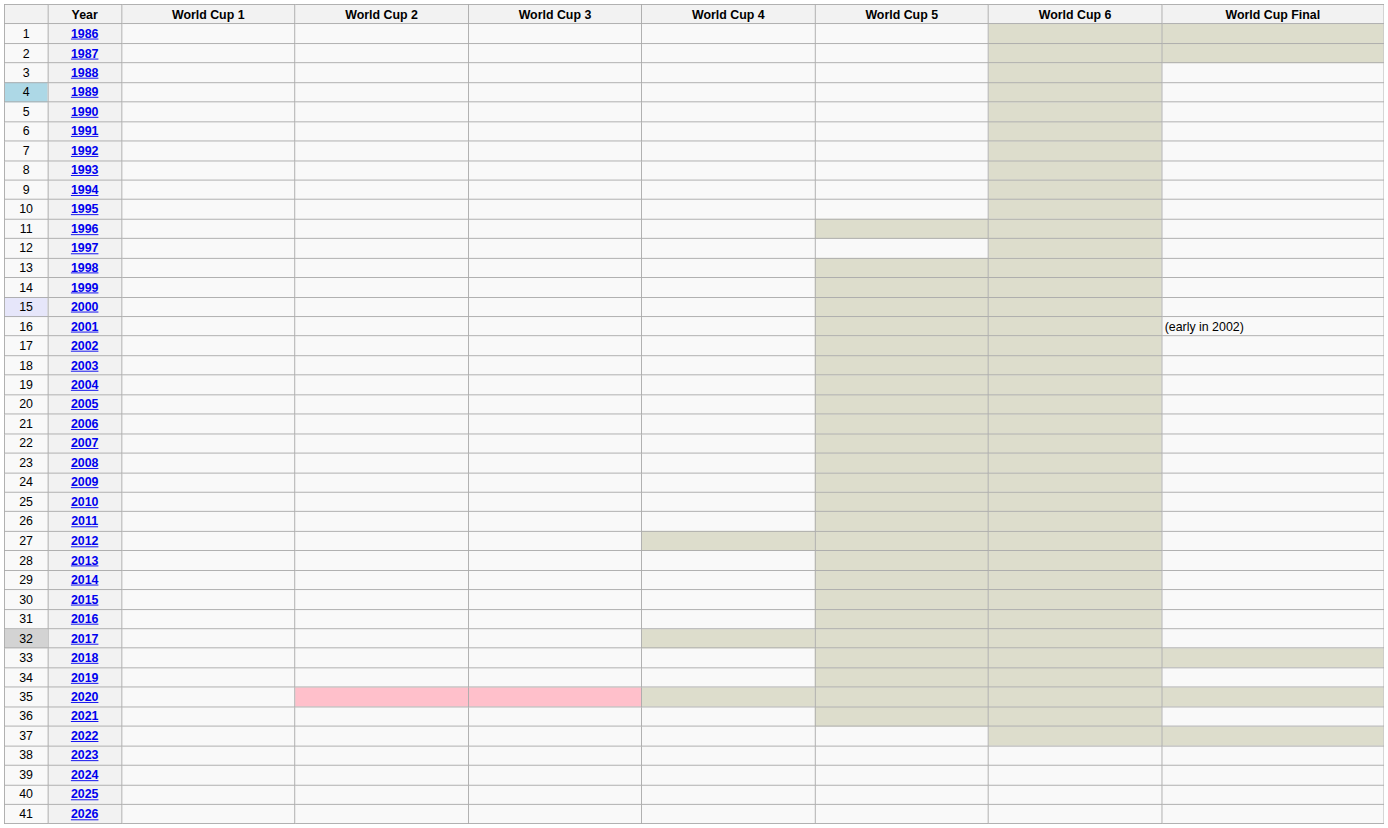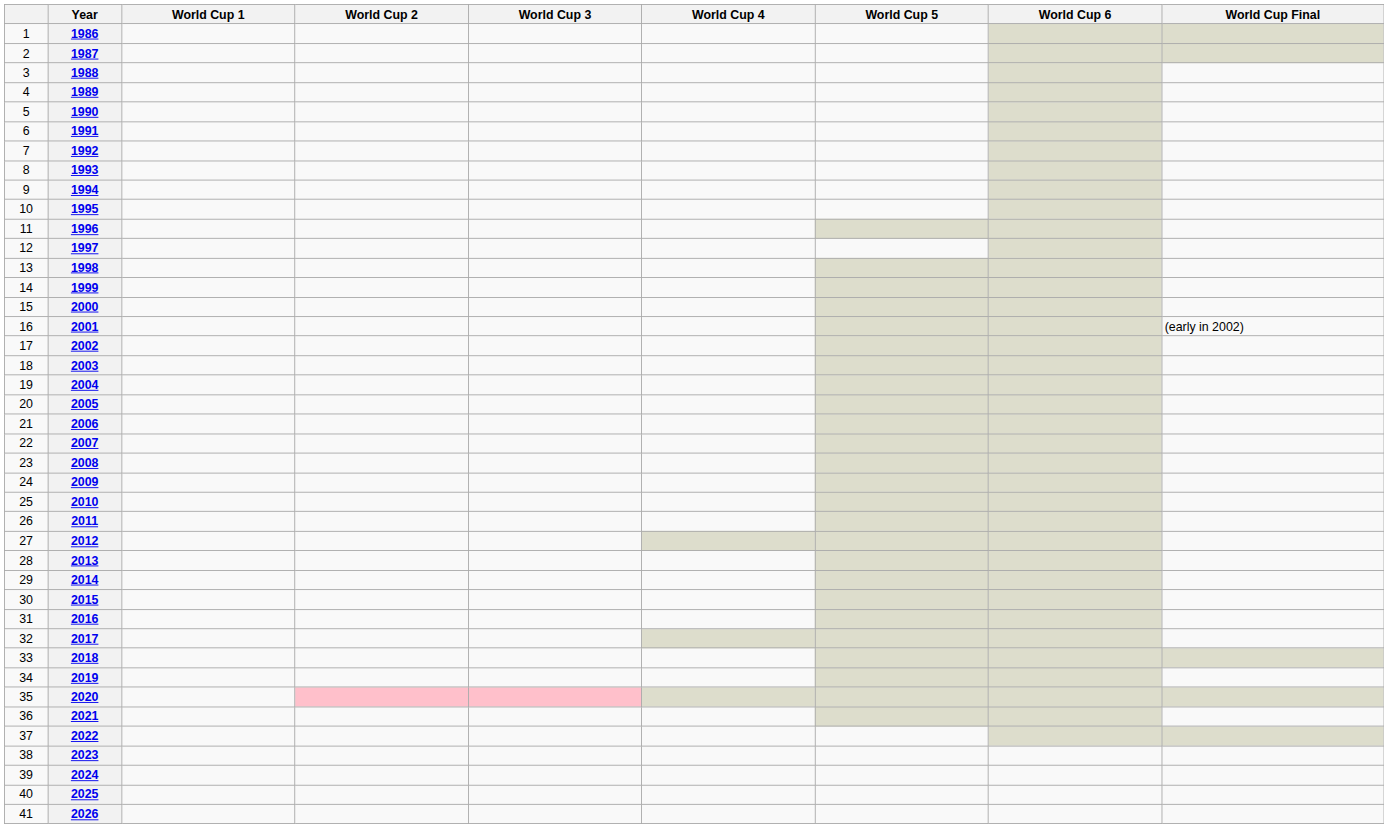 <table class="wikitable sortable" style="font-size: 85%" width="120%">
 <tr>
 <th></th>
 <th>Year</th>
 <th>World Cup 1</th>
 <th>World Cup 2</th>
 <th>World Cup 3</th>
 <th>World Cup 4</th>
 <th>World Cup 5</th>
 <th>World Cup 6</th>
 <th>World Cup Final</th>
 </tr>
 <tr>
 <td align="center">1</td>
 <th><a href='#'>1986</a></th>
 <td></td>
 <td></td>
 <td></td>
 <td></td>
 <td></td>
 <td style="background: #ddddcc"></td>
 <td style="background: #ddddcc"></td>
 </tr>
 <tr>
 <td align="center">2</td>
 <th><a href='#'>1987</a></th>
 <td></td>
 <td></td>
 <td></td>
 <td></td>
 <td></td>
 <td style="background: #ddddcc"></td>
 <td style="background: #ddddcc"></td>
 </tr>
 <tr>
 <td align="center">3</td>
 <th><a href='#'>1988</a></th>
 <td></td>
 <td></td>
 <td></td>
 <td></td>
 <td></td>
 <td style="background: #ddddcc"></td>
 <td></td>
 </tr>
 <tr>
-<td align="center" style="background: lightblue;">4</td>
+<td align="center">4</td>
 <th><a href='#'>1989</a></th>
 <td></td>
 <td></td>
 <td></td>
 <td></td>
 <td></td>
 <td style="background: #ddddcc"></td>
 <td></td>
 </tr>
 <tr>
 <td align="center">5</td>
 <th><a href='#'>1990</a></th>
 <td></td>
 <td></td>
 <td></td>
 <td></td>
 <td></td>
 <td style="background: #ddddcc"></td>
 <td></td>
 </tr>
 <tr>
 <td align="center">6</td>
 <th><a href='#'>1991</a></th>
 <td></td>
 <td></td>
 <td></td>
 <td></td>
 <td></td>
 <td style="background: #ddddcc"></td>
 <td></td>
 </tr>
 <tr>
 <td align="center">7</td>
 <th><a href='#'>1992</a></th>
 <td></td>
 <td></td>
 <td></td>
 <td></td>
 <td></td>
 <td style="background: #ddddcc"></td>
 <td></td>
 </tr>
 <tr>
 <td align="center">8</td>
 <th><a href='#'>1993</a></th>
 <td></td>
 <td></td>
 <td></td>
 <td></td>
 <td></td>
 <td style="background: #ddddcc"></td>
 <td></td>
 </tr>
 <tr>
 <td align="center">9</td>
 <th><a href='#'>1994</a></th>
 <td></td>
 <td></td>
 <td></td>
 <td></td>
 <td></td>
 <td style="background: #ddddcc"></td>
 <td></td>
 </tr>
 <tr>
 <td align="center">10</td>
 <th><a href='#'>1995</a></th>
 <td></td>
 <td></td>
 <td></td>
 <td></td>
 <td></td>
 <td style="background: #ddddcc"></td>
 <td></td>
 </tr>
 <tr>
 <td align="center">11</td>
 <th><a href='#'>1996</a></th>
 <td></td>
 <td></td>
 <td></td>
 <td></td>
 <td style="background: #ddddcc"></td>
 <td style="background: #ddddcc"></td>
 <td></td>
 </tr>
 <tr>
 <td align="center">12</td>
 <th><a href='#'>1997</a></th>
 <td></td>
 <td></td>
 <td></td>
 <td></td>
 <td></td>
 <td style="background: #ddddcc"></td>
 <td></td>
 </tr>
 <tr>
 <td align="center">13</td>
 <th><a href='#'>1998</a></th>
 <td></td>
 <td></td>
 <td></td>
 <td></td>
 <td style="background: #ddddcc"></td>
 <td style="background: #ddddcc"></td>
 <td></td>
 </tr>
 <tr>
 <td align="center">14</td>
 <th><a href='#'>1999</a></th>
 <td></td>
 <td></td>
 <td></td>
 <td></td>
 <td style="background: #ddddcc"></td>
 <td style="background: #ddddcc"></td>
 <td></td>
 </tr>
 <tr>
-<td align="center" style="background: lavender;">15</td>
+<td align="center">15</td>
 <th><a href='#'>2000</a></th>
 <td></td>
 <td></td>
 <td></td>
 <td></td>
 <td style="background: #ddddcc"></td>
 <td style="background: #ddddcc"></td>
 <td></td>
 </tr>
 <tr>
 <td align="center">16</td>
 <th><a href='#'>2001</a></th>
 <td></td>
 <td></td>
 <td></td>
 <td></td>
 <td style="background: #ddddcc"></td>
 <td style="background: #ddddcc"></td>
 <td> (early in 2002)</td>
 </tr>
 <tr>
 <td align="center">17</td>
 <th><a href='#'>2002</a></th>
 <td></td>
 <td></td>
 <td></td>
 <td></td>
 <td style="background: #ddddcc"></td>
 <td style="background: #ddddcc"></td>
 <td></td>
 </tr>
 <tr>
 <td align="center">18</td>
 <th><a href='#'>2003</a></th>
 <td></td>
 <td></td>
 <td></td>
 <td></td>
 <td style="background: #ddddcc"></td>
 <td style="background: #ddddcc"></td>
 <td></td>
 </tr>
 <tr>
 <td align="center">19</td>
 <th><a href='#'>2004</a></th>
 <td></td>
 <td></td>
 <td></td>
 <td></td>
 <td style="background: #ddddcc"></td>
 <td style="background: #ddddcc"></td>
 <td></td>
 </tr>
 <tr>
 <td align="center">20</td>
 <th><a href='#'>2005</a></th>
 <td></td>
 <td></td>
 <td></td>
 <td></td>
 <td style="background: #ddddcc"></td>
 <td style="background: #ddddcc"></td>
 <td></td>
 </tr>
 <tr>
 <td align="center">21</td>
 <th><a href='#'>2006</a></th>
 <td></td>
 <td></td>
 <td></td>
 <td></td>
 <td style="background: #ddddcc"></td>
 <td style="background: #ddddcc"></td>
 <td></td>
 </tr>
 <tr>
 <td align="center">22</td>
 <th><a href='#'>2007</a></th>
 <td></td>
 <td></td>
 <td></td>
 <td></td>
 <td style="background: #ddddcc"></td>
 <td style="background: #ddddcc"></td>
 <td></td>
 </tr>
 <tr>
 <td align="center">23</td>
 <th><a href='#'>2008</a></th>
 <td></td>
 <td></td>
 <td></td>
 <td></td>
 <td style="background: #ddddcc"></td>
 <td style="background: #ddddcc"></td>
 <td></td>
 </tr>
 <tr>
 <td align="center">24</td>
 <th><a href='#'>2009</a></th>
 <td></td>
 <td></td>
 <td></td>
 <td></td>
 <td style="background: #ddddcc"></td>
 <td style="background: #ddddcc"></td>
 <td><em></em></td>
 </tr>
 <tr>
 <td align="center">25</td>
 <th><a href='#'>2010</a></th>
 <td><em></em></td>
 <td><em></em></td>
 <td><em></em></td>
 <td><em></em></td>
 <td style="background: #ddddcc"></td>
 <td style="background: #ddddcc"></td>
 <td></td>
 </tr>
 <tr>
 <td align="center">26</td>
 <th><a href='#'>2011</a></th>
 <td></td>
 <td></td>
 <td></td>
 <td></td>
 <td style="background: #ddddcc"></td>
 <td style="background: #ddddcc"></td>
 <td></td>
 </tr>
 <tr>
 <td align="center">27</td>
 <th><a href='#'>2012</a></th>
 <td></td>
 <td></td>
 <td></td>
 <td style="background: #ddddcc"></td>
 <td style="background: #ddddcc"></td>
 <td style="background: #ddddcc"></td>
 <td></td>
 </tr>
 <tr>
 <td align="center">28</td>
 <th><a href='#'>2013</a></th>
 <td></td>
 <td></td>
 <td></td>
 <td></td>
 <td style="background: #ddddcc"></td>
 <td style="background: #ddddcc"></td>
 <td></td>
 </tr>
 <tr>
 <td align="center">29</td>
 <th><a href='#'>2014</a></th>
 <td></td>
 <td></td>
 <td></td>
 <td></td>
 <td style="background: #ddddcc"></td>
 <td style="background: #ddddcc"></td>
 <td></td>
 </tr>
 <tr>
 <td align="center">30</td>
 <th><a href='#'>2015</a></th>
 <td></td>
 <td></td>
 <td></td>
 <td></td>
 <td style="background: #ddddcc"></td>
 <td style="background: #ddddcc"></td>
 <td></td>
 </tr>
 <tr>
 <td align="center">31</td>
 <th><a href='#'>2016</a></th>
 <td></td>
 <td></td>
 <td></td>
 <td></td>
 <td style="background: #ddddcc"></td>
 <td style="background: #ddddcc"></td>
 <td></td>
 </tr>
 <tr>
-<td align="center" style="background: lightgrey;">32</td>
+<td align="center">32</td>
 <th><a href='#'>2017</a></th>
 <td></td>
 <td></td>
 <td></td>
 <td style="background: #ddddcc"></td>
 <td style="background: #ddddcc"></td>
 <td style="background: #ddddcc"></td>
 <td></td>
 </tr>
 <tr>
 <td align="center">33</td>
 <th><a href='#'>2018</a></th>
 <td></td>
 <td></td>
 <td></td>
 <td></td>
 <td style="background: #ddddcc"></td>
 <td style="background: #ddddcc"></td>
 <td style="background: #ddddcc"></td>
 </tr>
 <tr>
 <td align="center">34</td>
 <th><a href='#'>2019</a></th>
 <td></td>
 <td></td>
 <td></td>
 <td></td>
 <td style="background: #ddddcc"></td>
 <td style="background: #ddddcc"></td>
 <td></td>
 </tr>
 <tr>
 <td align="center">35</td>
 <th><a href='#'>2020</a></th>
 <td></td>
 <td style="background: pink"></td>
 <td style="background: pink"></td>
 <td style="background: #ddddcc"></td>
 <td style="background: #ddddcc"></td>
 <td style="background: #ddddcc"></td>
 <td style="background: #ddddcc"></td>
 </tr>
 <tr>
 <td align="center">36</td>
 <th><a href='#'>2021</a></th>
 <td></td>
 <td></td>
 <td></td>
 <td></td>
 <td style="background: #ddddcc"></td>
 <td style="background: #ddddcc"></td>
 <td></td>
 </tr>
 <tr>
 <td align="center">37</td>
 <th><a href='#'>2022</a></th>
 <td></td>
 <td></td>
 <td></td>
 <td></td>
 <td></td>
 <td style="background: #ddddcc"></td>
 <td style="background: #ddddcc"></td>
 </tr>
 <tr>
 <td align="center">38</td>
 <th><a href='#'>2023</a></th>
 <td></td>
 <td></td>
 <td></td>
 <td></td>
 <td></td>
 <td></td>
 <td></td>
 </tr>
 <tr>
 <td align="center">39</td>
 <th><a href='#'>2024</a></th>
 <td></td>
 <td></td>
 <td></td>
 <td></td>
 <td></td>
 <td></td>
 <td></td>
 </tr>
 <tr>
 <td align="center">40</td>
 <th><a href='#'>2025</a></th>
 <td></td>
 <td></td>
 <td></td>
 <td></td>
 <td></td>
 <td></td>
 <td></td>
 </tr>
 <tr>
 <td align="center">41</td>
 <th><a href='#'>2026</a></th>
 <td></td>
 <td></td>
 <td></td>
 <td></td>
 <td></td>
 <td></td>
 <td></td>
 </tr>
 </table>
